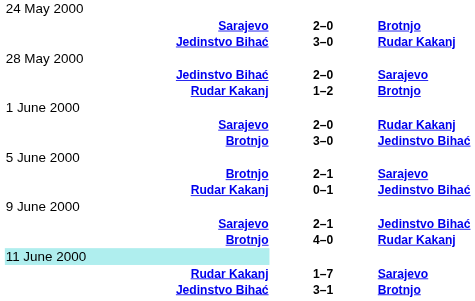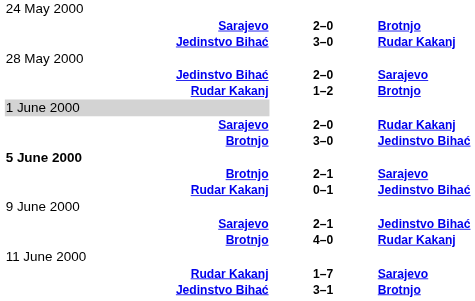 <table width=100% cellspacing=1>
 <tr>
 <th width=25%></th>
 <th width=10%></th>
 <th></th>
 </tr>
 <tr>
 <td>24 May 2000</td>
 </tr>
 <tr style=font-size:90%>
 <td align=right><strong><a href='#'>Sarajevo</a></strong></td>
 <td align=center><strong>2–0</strong></td>
 <td><strong><a href='#'>Brotnjo</a></strong></td>
 </tr>
 <tr style=font-size:90%>
 <td align=right><strong><a href='#'>Jedinstvo Bihać</a></strong></td>
 <td align=center><strong>3–0</strong></td>
 <td><strong><a href='#'>Rudar Kakanj</a></strong></td>
 </tr>
 <tr>
 <td>28 May 2000</td>
 </tr>
 <tr style=font-size:90%>
 <td align=right><strong><a href='#'>Jedinstvo Bihać</a></strong></td>
 <td align=center><strong>2–0</strong></td>
 <td><strong><a href='#'>Sarajevo</a></strong></td>
 </tr>
 <tr style=font-size:90%>
 <td align=right><strong><a href='#'>Rudar Kakanj</a></strong></td>
 <td align=center><strong>1–2</strong></td>
 <td><strong><a href='#'>Brotnjo</a></strong></td>
 </tr>
 <tr>
-<td>1 June 2000</td>
+<td style="background: lightgrey;">1 June 2000</td>
 </tr>
 <tr style=font-size:90%>
 <td align=right><strong><a href='#'>Sarajevo</a></strong></td>
 <td align=center><strong>2–0</strong></td>
 <td><strong><a href='#'>Rudar Kakanj</a></strong></td>
 </tr>
 <tr style=font-size:90%>
 <td align=right><strong><a href='#'>Brotnjo</a></strong></td>
 <td align=center><strong>3–0</strong></td>
 <td><strong><a href='#'>Jedinstvo Bihać</a></strong></td>
 </tr>
 <tr>
-<td>5 June 2000</td>
+<td><strong>5 June 2000</strong></td>
 </tr>
 <tr style=font-size:90%>
 <td align=right><strong><a href='#'>Brotnjo</a></strong></td>
 <td align=center><strong>2–1</strong></td>
 <td><strong><a href='#'>Sarajevo</a></strong></td>
 </tr>
 <tr style=font-size:90%>
 <td align=right><strong><a href='#'>Rudar Kakanj</a></strong></td>
 <td align=center><strong>0–1</strong></td>
 <td><strong><a href='#'>Jedinstvo Bihać</a></strong></td>
 </tr>
 <tr>
 <td>9 June 2000</td>
 </tr>
 <tr style=font-size:90%>
 <td align=right><strong><a href='#'>Sarajevo</a></strong></td>
 <td align=center><strong>2–1</strong></td>
 <td><strong><a href='#'>Jedinstvo Bihać</a></strong></td>
 </tr>
 <tr style=font-size:90%>
 <td align=right><strong><a href='#'>Brotnjo</a></strong></td>
 <td align=center><strong>4–0</strong></td>
 <td><strong><a href='#'>Rudar Kakanj</a></strong></td>
 </tr>
 <tr>
-<td style="background: paleturquoise;">11 June 2000</td>
+<td>11 June 2000</td>
 </tr>
 <tr style=font-size:90%>
 <td align=right><strong><a href='#'>Rudar Kakanj</a></strong></td>
 <td align=center><strong>1–7</strong></td>
 <td><strong><a href='#'>Sarajevo</a></strong></td>
 </tr>
 <tr style=font-size:90%>
 <td align=right><strong><a href='#'>Jedinstvo Bihać</a></strong></td>
 <td align=center><strong>3–1</strong></td>
 <td><strong><a href='#'>Brotnjo</a></strong></td>
 </tr>
 </table>
